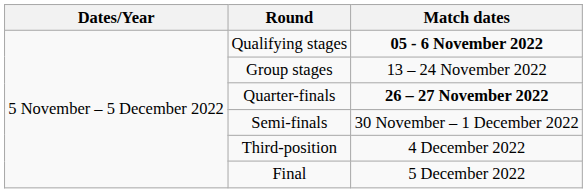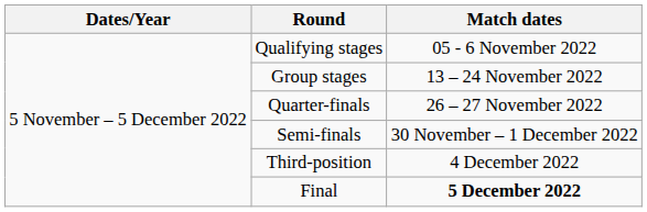 <table class="wikitable" style="text-align:center">
 <tr>
 <th>Dates/Year</th>
 <th>Round</th>
 <th>Match dates</th>
 </tr>
 <tr>
 <td rowspan=6>5 November – 5 December 2022</td>
 <td>Qualifying stages</td>
-<td><strong>05 - 6 November 2022</strong></td>
+<td>05 - 6 November 2022</td>
 </tr>
 <tr>
 <td>Group stages</td>
 <td>13 – 24 November 2022</td>
 </tr>
 <tr>
 <td>Quarter-finals</td>
-<td><strong>26 – 27 November 2022</strong></td>
+<td>26 – 27 November 2022</td>
 </tr>
 <tr>
 <td>Semi-finals</td>
 <td>30 November – 1 December 2022</td>
 </tr>
 <tr>
 <td>Third-position</td>
 <td>4 December 2022</td>
 </tr>
 <tr>
 <td>Final</td>
-<td>5 December 2022</td>
+<td><strong>5 December 2022</strong></td>
 </tr>
 </table>
